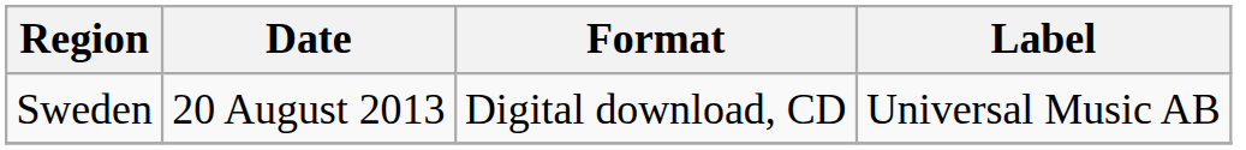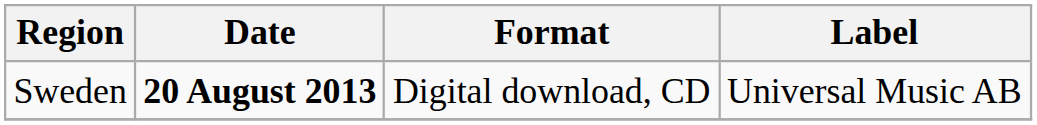 <table class=wikitable>
 <tr>
 <th>Region</th>
 <th>Date</th>
 <th>Format</th>
 <th>Label</th>
 </tr>
 <tr>
 <td>Sweden</td>
-<td>20 August 2013</td>
+<td><strong>20 August 2013</strong></td>
 <td>Digital download, CD</td>
 <td>Universal Music AB</td>
 </tr>
 <tr>
 </tr>
 </table>
